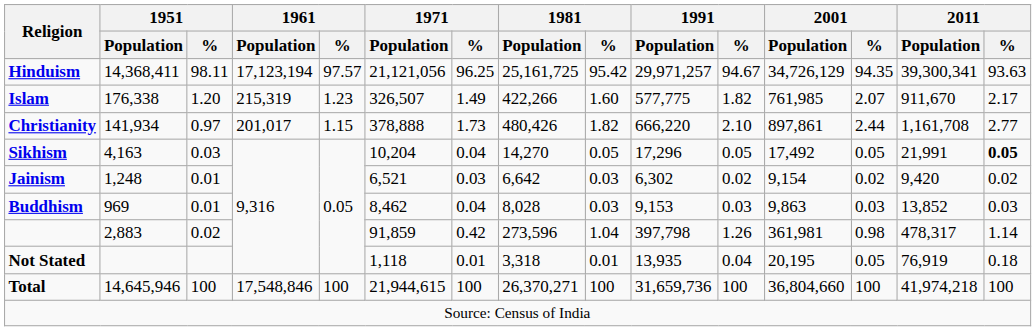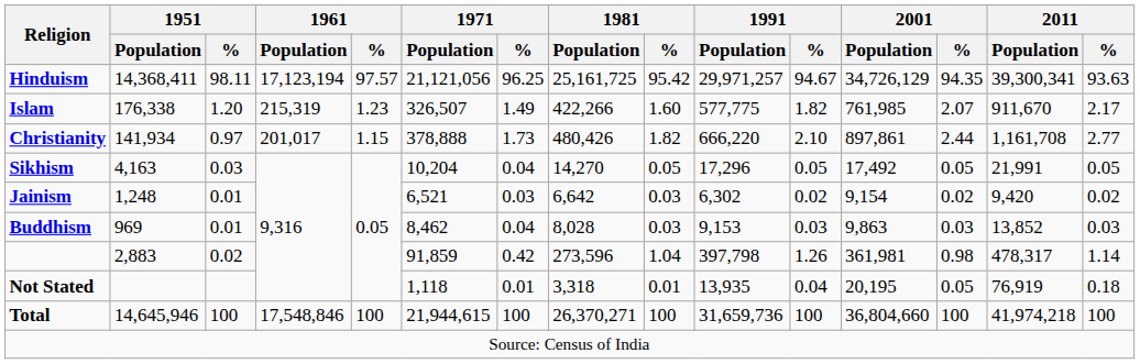 <table class="wikitable sortable defaultright col1left">
 <tr>
 <th rowspan="2">Religion</th>
 <th colspan="2">1951</th>
 <th colspan="2">1961</th>
 <th colspan="2">1971</th>
 <th colspan="2">1981</th>
 <th colspan="2">1991</th>
 <th colspan="2">2001</th>
 <th colspan="2">2011</th>
 </tr>
 <tr>
 <th>Population</th>
 <th>%</th>
 <th>Population</th>
 <th>%</th>
 <th>Population</th>
 <th>%</th>
 <th>Population</th>
 <th>%</th>
 <th>Population</th>
 <th>%</th>
 <th>Population</th>
 <th>%</th>
 <th>Population</th>
 <th>%</th>
 </tr>
 <tr>
 <td><strong><a href='#'>Hinduism</a></strong></td>
 <td>14,368,411</td>
 <td>98.11</td>
 <td>17,123,194</td>
 <td>97.57</td>
 <td>21,121,056</td>
 <td>96.25</td>
 <td>25,161,725</td>
 <td>95.42</td>
 <td>29,971,257</td>
 <td>94.67</td>
 <td>34,726,129</td>
 <td>94.35</td>
 <td>39,300,341</td>
 <td>93.63</td>
 </tr>
 <tr>
 <td><strong><a href='#'>Islam</a></strong></td>
 <td>176,338</td>
 <td>1.20</td>
 <td>215,319</td>
 <td>1.23</td>
 <td>326,507</td>
 <td>1.49</td>
 <td>422,266</td>
 <td>1.60</td>
 <td>577,775</td>
 <td>1.82</td>
 <td>761,985</td>
 <td>2.07</td>
 <td>911,670</td>
 <td>2.17</td>
 </tr>
 <tr>
 <td><strong><a href='#'>Christianity</a></strong></td>
 <td>141,934</td>
 <td>0.97</td>
 <td>201,017</td>
 <td>1.15</td>
 <td>378,888</td>
 <td>1.73</td>
 <td>480,426</td>
 <td>1.82</td>
 <td>666,220</td>
 <td>2.10</td>
 <td>897,861</td>
 <td>2.44</td>
 <td>1,161,708</td>
 <td>2.77</td>
 </tr>
 <tr>
 <td><strong><a href='#'>Sikhism</a></strong></td>
 <td>4,163</td>
 <td>0.03</td>
 <td rowspan="5">9,316</td>
 <td rowspan="5">0.05</td>
 <td>10,204</td>
 <td>0.04</td>
 <td>14,270</td>
 <td>0.05</td>
 <td>17,296</td>
 <td>0.05</td>
 <td>17,492</td>
 <td>0.05</td>
 <td>21,991</td>
-<td><strong>0.05</strong></td>
+<td>0.05</td>
 </tr>
 <tr>
 <td><strong><a href='#'>Jainism</a></strong></td>
 <td>1,248</td>
 <td>0.01</td>
 <td>6,521</td>
 <td>0.03</td>
 <td>6,642</td>
 <td>0.03</td>
 <td>6,302</td>
 <td>0.02</td>
 <td>9,154</td>
 <td>0.02</td>
 <td>9,420</td>
 <td>0.02</td>
 </tr>
 <tr>
 <td><strong><a href='#'>Buddhism</a></strong></td>
 <td>969</td>
 <td>0.01</td>
 <td>8,462</td>
 <td>0.04</td>
 <td>8,028</td>
 <td>0.03</td>
 <td>9,153</td>
 <td>0.03</td>
 <td>9,863</td>
 <td>0.03</td>
 <td>13,852</td>
 <td>0.03</td>
 </tr>
 <tr>
 <td><strong></strong></td>
 <td>2,883</td>
 <td>0.02</td>
 <td>91,859</td>
 <td>0.42</td>
 <td>273,596</td>
 <td>1.04</td>
 <td>397,798</td>
 <td>1.26</td>
 <td>361,981</td>
 <td>0.98</td>
 <td>478,317</td>
 <td>1.14</td>
 </tr>
 <tr>
 <td><strong>Not Stated</strong></td>
 <td></td>
 <td></td>
 <td>1,118</td>
 <td>0.01</td>
 <td>3,318</td>
 <td>0.01</td>
 <td>13,935</td>
 <td>0.04</td>
 <td>20,195</td>
 <td>0.05</td>
 <td>76,919</td>
 <td>0.18</td>
 </tr>
 <tr class="sortbottom">
 <td><strong>Total</strong></td>
 <td>14,645,946</td>
 <td>100</td>
 <td>17,548,846</td>
 <td>100</td>
 <td>21,944,615</td>
 <td>100</td>
 <td>26,370,271</td>
 <td>100</td>
 <td>31,659,736</td>
 <td>100</td>
 <td>36,804,660</td>
 <td>100</td>
 <td>41,974,218</td>
 <td>100</td>
 </tr>
 <tr class="sortbottom">
 <td colspan="17" style="text-align:center;font-size:0.9em">Source: Census of India</td>
 </tr>
 </table>
